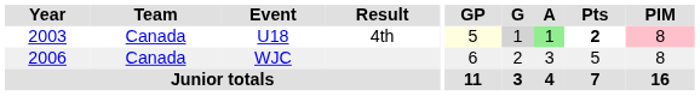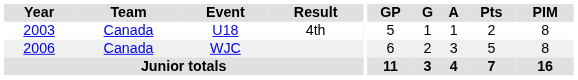 <table border="0" cellpadding="1" cellspacing="0" ID="Table3" style="text-align:center; width:40em">
 <tr ALIGN="center" bgcolor="#e0e0e0">
 <th>Year</th>
 <th>Team</th>
 <th>Event</th>
 <th>Result</th>
 <th rowspan="99" bgcolor="#ffffff"></th>
 <th>GP</th>
 <th>G</th>
 <th>A</th>
 <th>Pts</th>
 <th>PIM</th>
 </tr>
 <tr>
 <td><a href='#'>2003</a></td>
 <td><a href='#'>Canada</a></td>
 <td><a href='#'>U18</a></td>
 <td>4th</td>
-<td style="background: lightyellow;">5</td>
-<td style="background: lightgrey;">1</td>
-<td style="background: lightgreen;">1</td>
-<td><strong>2</strong></td>
-<td style="background: pink;">8</td>
+<td>5</td>
+<td>1</td>
+<td>1</td>
+<td>2</td>
+<td>8</td>
 </tr>
 <tr bgcolor="#f0f0f0">
 <td><a href='#'>2006</a></td>
 <td><a href='#'>Canada</a></td>
 <td><a href='#'>WJC</a></td>
 <td></td>
 <td>6</td>
 <td>2</td>
 <td>3</td>
 <td>5</td>
 <td>8</td>
 </tr>
 <tr bgcolor="#e0e0e0">
 <th colspan=4>Junior totals</th>
 <th>11</th>
 <th>3</th>
 <th>4</th>
 <th>7</th>
 <th>16</th>
 </tr>
 </table>
